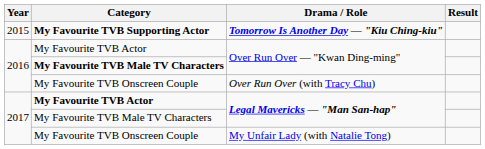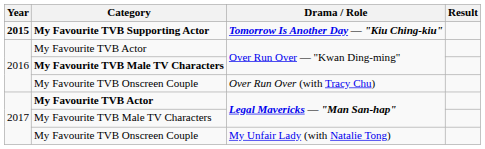 <table class="wikitable sortable">
 <tr>
 <th>Year</th>
 <th>Category</th>
 <th>Drama / Role</th>
 <th>Result</th>
 </tr>
 <tr>
-<td>2015</td>
+<td><strong>2015</strong></td>
 <td><strong> My Favourite TVB Supporting Actor </strong></td>
 <td><strong><em><a href='#'>Tomorrow Is Another Day</a><em> — "Kiu Ching-kiu"<strong></td>
 <td></td>
 </tr>
 <tr>
 <td rowspan=3>2016</td>
 <td>My Favourite TVB Actor</td>
 <td rowspan=2></em></strong><a href='#'>Over Run Over</a></em> — "Kwan Ding-ming"</strong></td>
 <td></td>
 </tr>
 <tr>
 <td><strong> My Favourite TVB Male TV Characters </strong></td>
 <td></td>
 </tr>
 <tr>
 <td>My Favourite TVB Onscreen Couple</td>
 <td><em>Over Run Over</em> (with <a href='#'>Tracy Chu</a>)</td>
 <td></td>
 </tr>
 <tr>
 <td rowspan=3>2017</td>
 <td><strong> My Favourite TVB Actor </strong></td>
 <td rowspan=2><strong><em><a href='#'>Legal Mavericks</a><em> — "Man San-hap"<strong></td>
 <td></td>
 </tr>
 <tr>
 <td>My Favourite TVB Male TV Characters</td>
 <td></td>
 </tr>
 <tr>
 <td></strong> My Favourite TVB Onscreen Couple <strong></td>
 <td></em></strong><a href='#'>My Unfair Lady</a></em> (with <a href='#'>Natalie Tong</a>) </strong></td>
 <td></td>
 </tr>
 </table>
